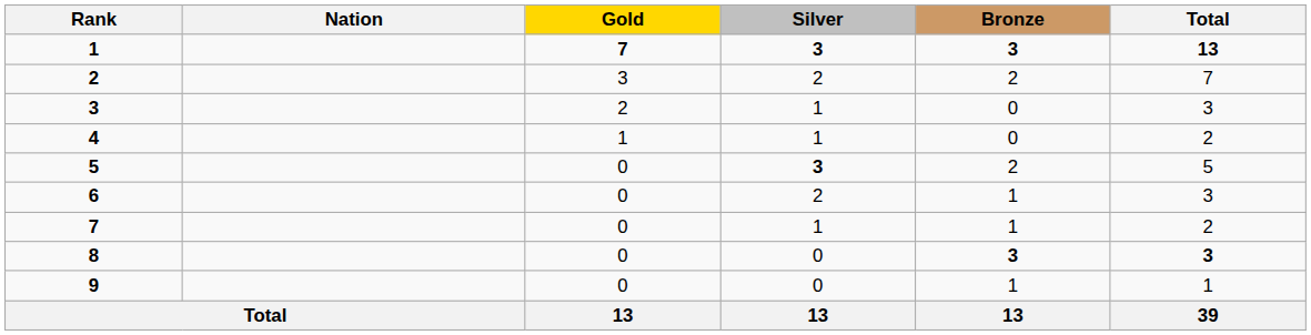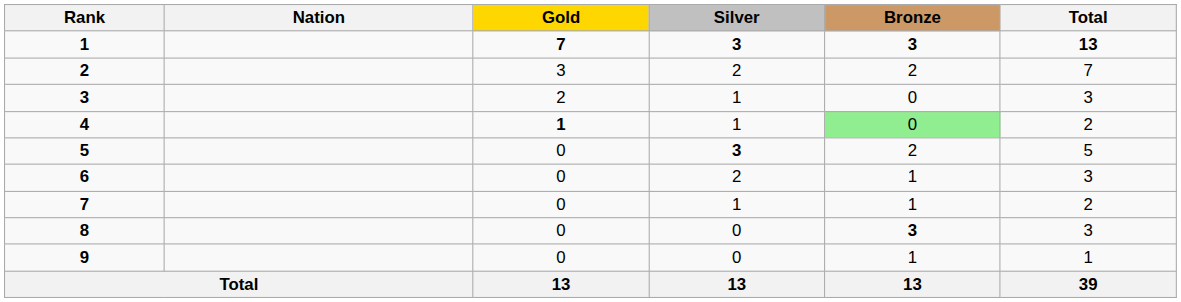 <table class="wikitable collapsible autocollapse plainrowheaders" width=70.5% style="text-align:center;">
 <tr style="background-color:#EDEDED;">
 <th width=100px class="hintergrundfarbe5">Rank</th>
 <th width=200px class="hintergrundfarbe6">Nation</th>
 <th style="background:    gold; width:15%">Gold</th>
 <th style="background:  silver; width:15%">Silver</th>
 <th style="background: #CC9966; width:15%">Bronze</th>
 <th class="hintergrundfarbe6" style="width:15%">Total</th>
 </tr>
 <tr>
 <td><strong>1</strong></td>
 <td align=left></td>
 <td><strong>7</strong></td>
 <td><strong>3</strong></td>
 <td><strong>3</strong></td>
 <td><strong>13</strong></td>
 </tr>
 <tr>
 <td><strong>2</strong></td>
 <td align=left></td>
 <td>3</td>
 <td>2</td>
 <td>2</td>
 <td>7</td>
 </tr>
 <tr>
 <td><strong>3</strong></td>
 <td align=left></td>
 <td>2</td>
 <td>1</td>
 <td>0</td>
 <td>3</td>
 </tr>
 <tr>
 <td><strong>4</strong></td>
 <td align=left></td>
+<td><strong>1</strong></td>
 <td>1</td>
-<td>1</td>
-<td>0</td>
+<td style="background: lightgreen;">0</td>
 <td>2</td>
 </tr>
 <tr>
 <td><strong>5</strong></td>
 <td align=left></td>
 <td>0</td>
 <td><strong>3</strong></td>
 <td>2</td>
 <td>5</td>
 </tr>
 <tr>
 <td><strong>6</strong></td>
 <td align=left></td>
 <td>0</td>
 <td>2</td>
 <td>1</td>
 <td>3</td>
 </tr>
 <tr>
 <td><strong>7</strong></td>
 <td align=left></td>
 <td>0</td>
 <td>1</td>
 <td>1</td>
 <td>2</td>
 </tr>
 <tr>
 <td><strong>8</strong></td>
 <td align=left></td>
 <td>0</td>
 <td>0</td>
 <td><strong>3</strong></td>
-<td><strong>3</strong></td>
+<td>3</td>
 </tr>
 <tr>
 <td><strong>9</strong></td>
 <td align=left></td>
 <td>0</td>
 <td>0</td>
 <td>1</td>
 <td>1</td>
 </tr>
 <tr>
 <th colspan=2>Total</th>
 <th>13</th>
 <th>13</th>
 <th>13</th>
 <th>39</th>
 </tr>
 </table>
